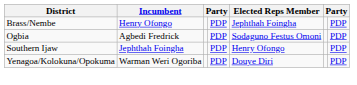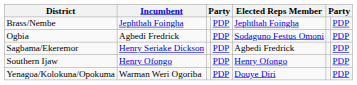 <table class="sortable wikitable" style="font-size:95%;line-height:14px;">
 <tr>
 <th class="unsortable">District</th>
 <th class="unsortable"><a href='#'>Incumbent</a></th>
 <th colspan="2">Party</th>
 <th class="unsortable">Elected Reps Member</th>
 <th colspan="2">Party</th>
 </tr>
 <tr>
 <td>Brass/Nembe</td>
-<td><a href='#'>Henry Ofongo</a></td>
+<td><a href='#'>Jephthah Foingha</a></td>
 <td style="background:"></td>
 <td><a href='#'>PDP</a></td>
 <td><a href='#'>Jephthah Foingha</a></td>
 <td style="background:"></td>
 <td><a href='#'>PDP</a></td>
 </tr>
 <tr>
 <td>Ogbia</td>
 <td>Agbedi Fredrick</td>
 <td style="background:"></td>
 <td><a href='#'>PDP</a></td>
 <td><a href='#'>Sodaguno Festus Omoni</a></td>
 <td style="background:"></td>
 <td><a href='#'>PDP</a></td>
 </tr>
 <tr>
+<td>Sagbama/Ekeremor</td>
+<td><a href='#'>Henry Seriake Dickson</a></td>
+<td style="background:"></td>
+<td><a href='#'>PDP</a></td>
+<td>Agbedi Fredrick</td>
+<td style="background:"></td>
+<td><a href='#'>PDP</a></td>
+</tr>
+<tr>
 <td>Southern Ijaw</td>
-<td><a href='#'>Jephthah Foingha</a></td>
+<td><a href='#'>Henry Ofongo</a></td>
 <td style="background:"></td>
 <td><a href='#'>PDP</a></td>
 <td><a href='#'>Henry Ofongo</a></td>
 <td style="background:"></td>
 <td><a href='#'>PDP</a></td>
 </tr>
 <tr>
 <td>Yenagoa/Kolokuna/Opokuma</td>
 <td>Warman Weri Ogoriba</td>
 <td style="background:"></td>
 <td><a href='#'>PDP</a></td>
 <td><a href='#'>Douye Diri</a></td>
 <td style="background:"></td>
 <td><a href='#'>PDP</a></td>
 </tr>
 </table>
